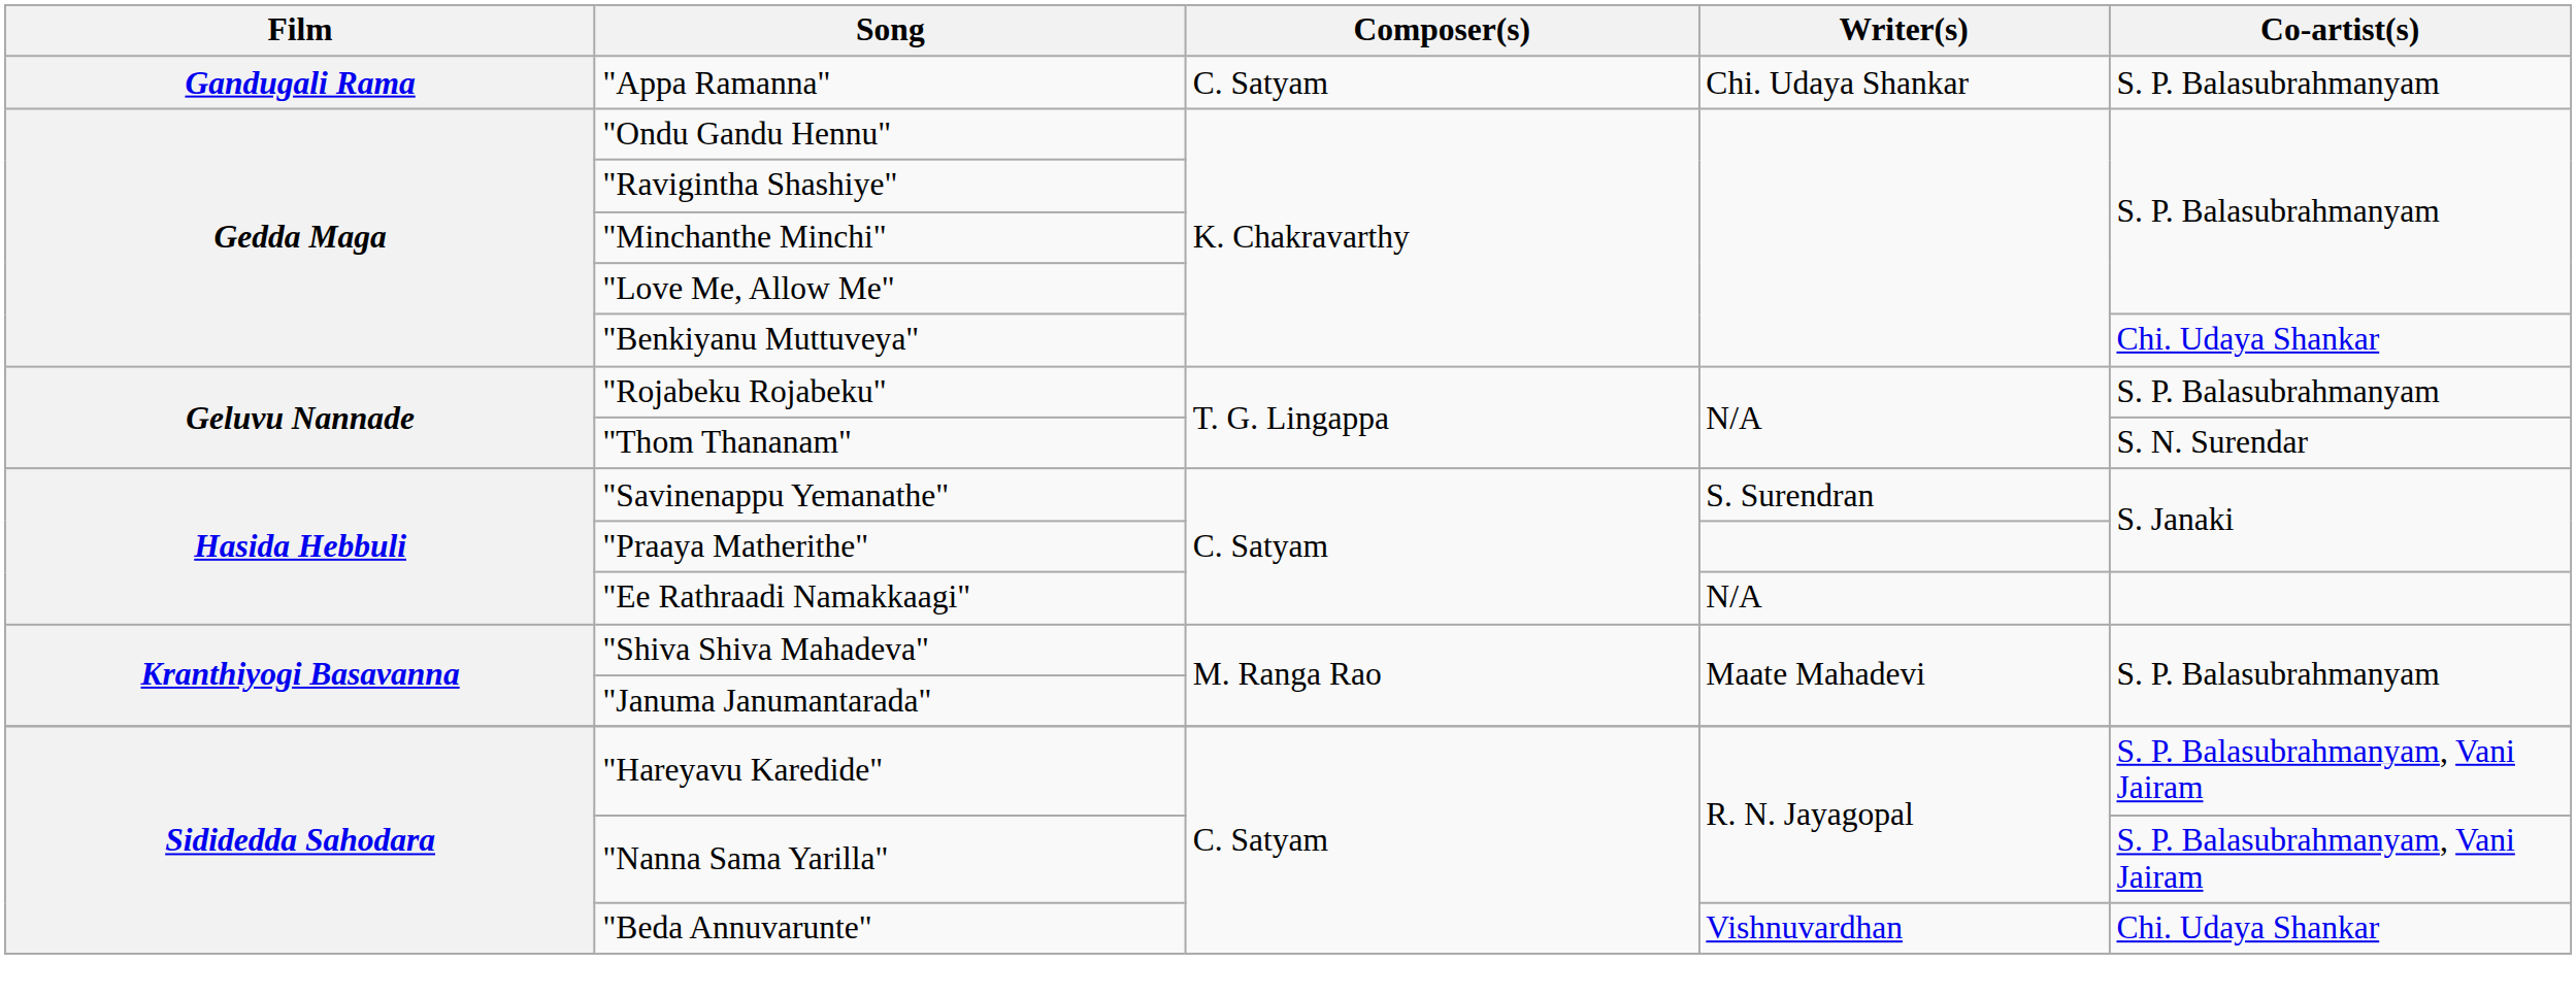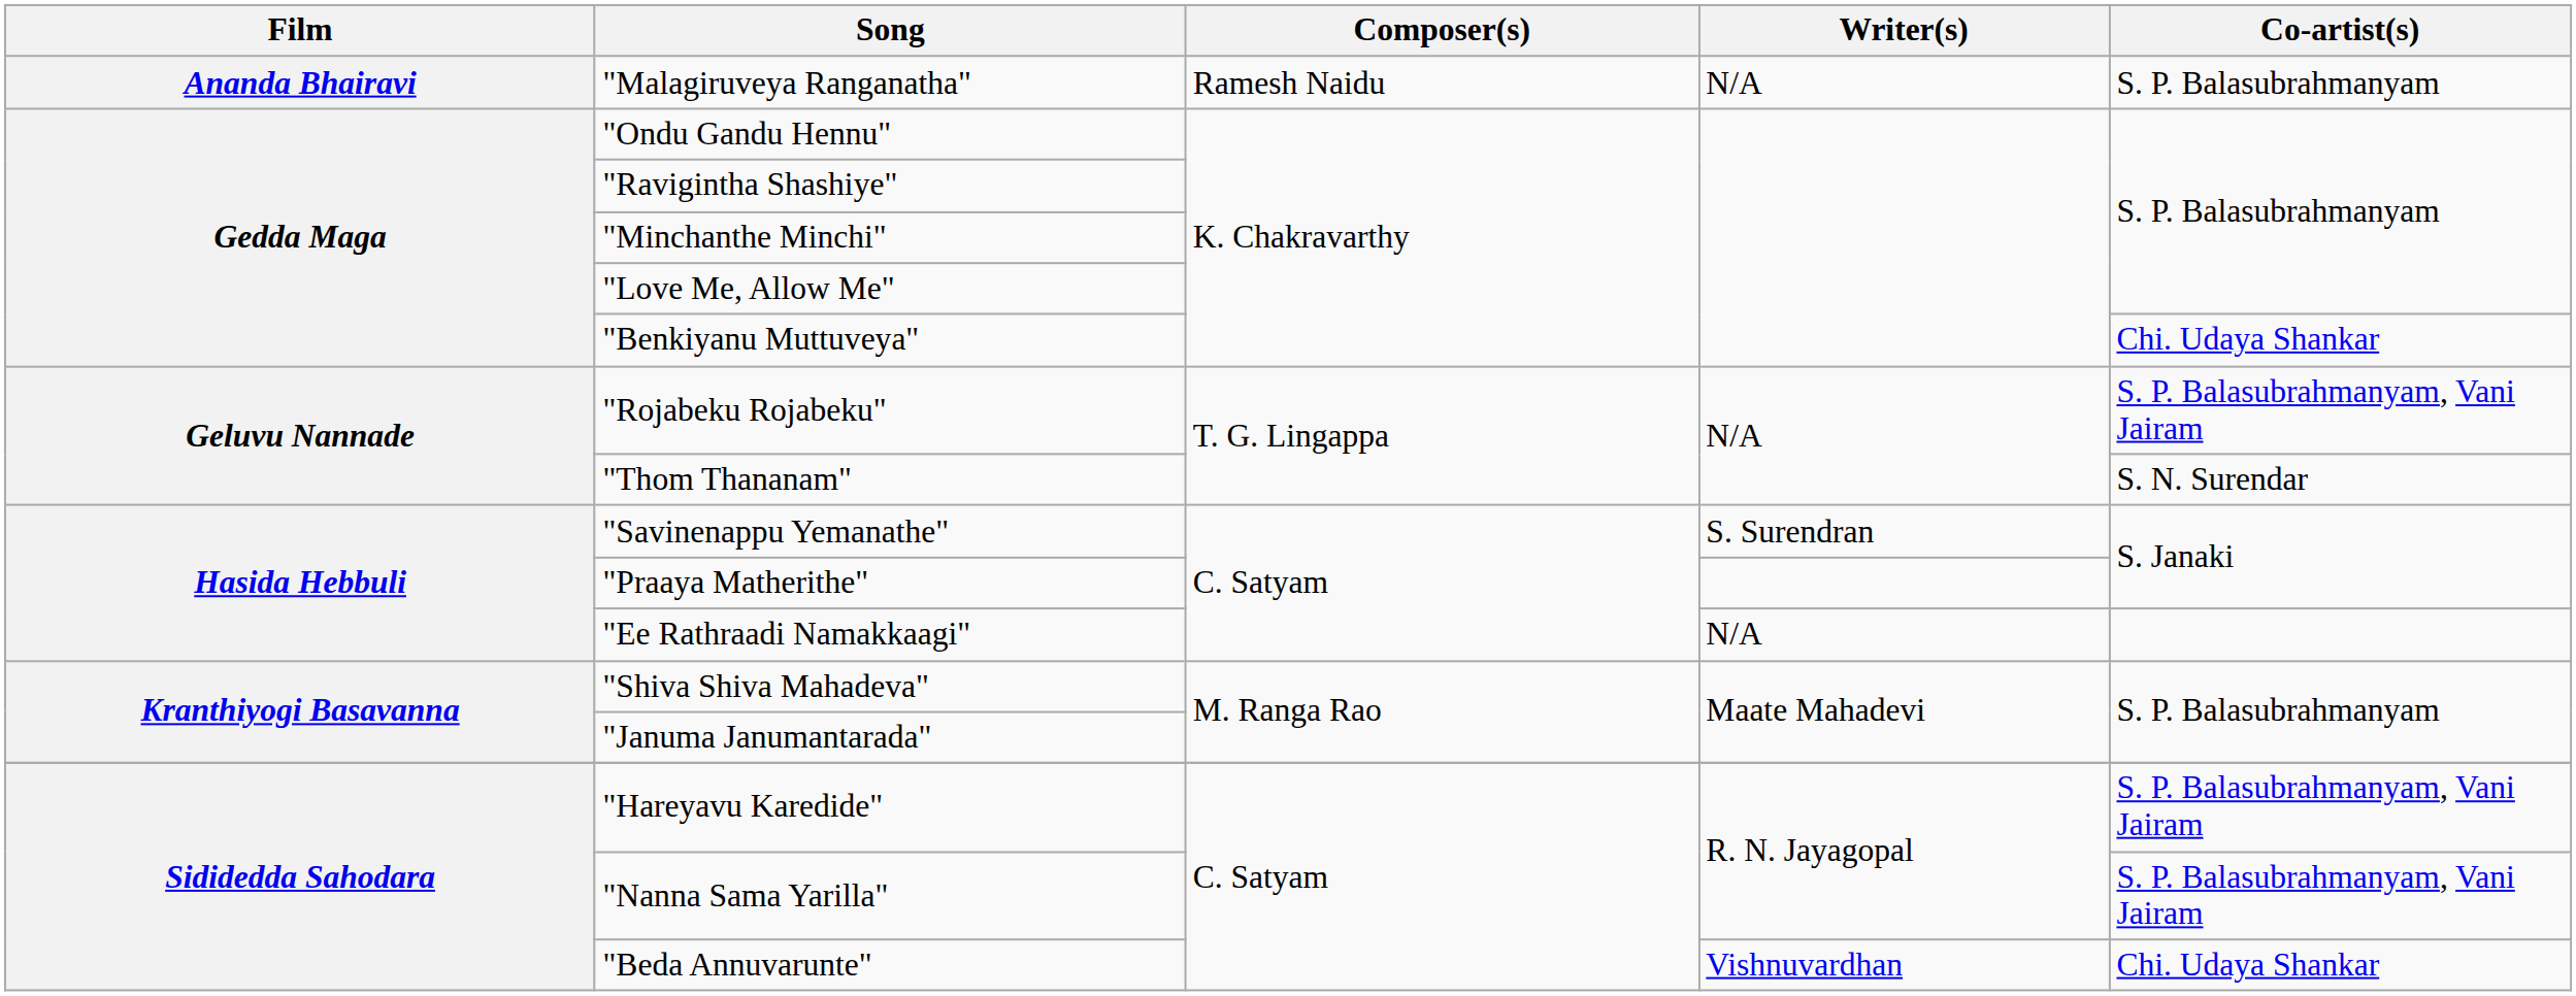 <table class="wikitable plainrowheaders" width="100%" textcolor:#000;">
 <tr style="background:#b0e0e66;">
 <th scope="col" width=23%><strong>Film</strong></th>
 <th scope="col" width=23%><strong>Song</strong></th>
 <th scope="col" width=20%><strong>Composer(s)</strong></th>
 <th scope="col" width=16%><strong>Writer(s)</strong></th>
 <th scope="col" width=18%><strong>Co-artist(s)</strong></th>
 </tr>
 <tr>
-<th Rowspan=><em><a href='#'>Gandugali Rama</a></em></th>
-<td>"Appa Ramanna"</td>
-<td>C. Satyam</td>
-<td>Chi. Udaya Shankar</td>
+<th><em><a href='#'>Ananda Bhairavi</a></em></th>
+<td>"Malagiruveya Ranganatha"</td>
+<td>Ramesh Naidu</td>
+<td>N/A</td>
 <td>S. P. Balasubrahmanyam</td>
 </tr>
 <tr>
 <th Rowspan=5><em>Gedda Maga</em></th>
 <td>"Ondu Gandu Hennu"</td>
 <td rowspan=5>K. Chakravarthy</td>
 <td Rowspan=5></td>
 <td rowspan=4>S. P. Balasubrahmanyam</td>
 </tr>
 <tr>
 <td>"Ravigintha Shashiye"</td>
 </tr>
 <tr>
 <td>"Minchanthe Minchi"</td>
 </tr>
 <tr>
 <td>"Love Me, Allow Me"</td>
 </tr>
 <tr>
 <td>"Benkiyanu Muttuveya"</td>
 <td><a href='#'>Chi. Udaya Shankar</a></td>
 </tr>
 <tr>
 <th Rowspan=2><em>Geluvu Nannade</em></th>
 <td>"Rojabeku Rojabeku"</td>
 <td rowspan=2>T. G. Lingappa</td>
 <td rowspan=2>N/A</td>
-<td>S. P. Balasubrahmanyam</td>
+<td><a href='#'>S. P. Balasubrahmanyam</a>, <a href='#'>Vani Jairam</a></td>
 </tr>
 <tr>
 <td>"Thom Thananam"</td>
 <td>S. N. Surendar</td>
 </tr>
 <tr>
 <th Rowspan=3><em><a href='#'>Hasida Hebbuli</a></em></th>
 <td>"Savinenappu Yemanathe"</td>
 <td rowspan=3>C. Satyam</td>
 <td>S. Surendran</td>
 <td rowspan=2>S. Janaki</td>
 </tr>
 <tr>
 <td>"Praaya Matherithe"</td>
 </tr>
 <tr>
 <td>"Ee Rathraadi Namakkaagi"</td>
 <td rospan=3>N/A</td>
 </tr>
 <tr>
 <th Rowspan=2><em><a href='#'>Kranthiyogi Basavanna</a></em></th>
 <td>"Shiva Shiva Mahadeva"</td>
 <td rowspan=2>M. Ranga Rao</td>
 <td rowspan=2>Maate Mahadevi</td>
 <td rowspan=2>S. P. Balasubrahmanyam</td>
 </tr>
 <tr>
 <td>"Januma Janumantarada"</td>
 </tr>
 <tr>
 </tr>
 <tr>
 <th Rowspan=3><em><a href='#'>Sididedda Sahodara</a></em></th>
 <td>"Hareyavu Karedide"</td>
 <td rowspan=3>C. Satyam</td>
 <td rowspan=2>R. N. Jayagopal</td>
 <td><a href='#'>S. P. Balasubrahmanyam</a>, <a href='#'>Vani Jairam</a></td>
 </tr>
 <tr>
 <td>"Nanna Sama Yarilla"</td>
 <td><a href='#'>S. P. Balasubrahmanyam</a>, <a href='#'>Vani Jairam</a></td>
 </tr>
 <tr>
 <td>"Beda Annuvarunte"</td>
 <td><a href='#'>Vishnuvardhan</a></td>
 <td><a href='#'>Chi. Udaya Shankar</a></td>
 </tr>
 </table>
